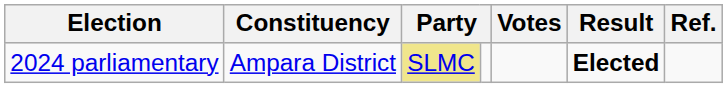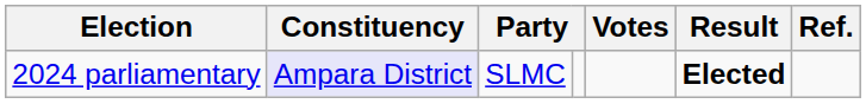 <table class="wikitable" style="text-align:left;">
 <tr>
 <th scope=col>Election</th>
 <th scope=col>Constituency</th>
 <th scope=col colspan="2">Party</th>
 <th scope=col>Votes</th>
 <th scope=col>Result</th>
 <th scope=col>Ref.</th>
 </tr>
 <tr>
 <td><a href='#'>2024 parliamentary</a></td>
-<td><a href='#'>Ampara District</a></td>
-<td style="background: khaki;"><a href='#'>SLMC</a></td>
+<td style="background: lavender;"><a href='#'>Ampara District</a></td>
+<td><a href='#'>SLMC</a></td>
 <td rowspan="8" style="background:"></td>
 <td align=right></td>
 <td><strong>Elected</strong></td>
 <td></td>
 </tr>
 </table>
